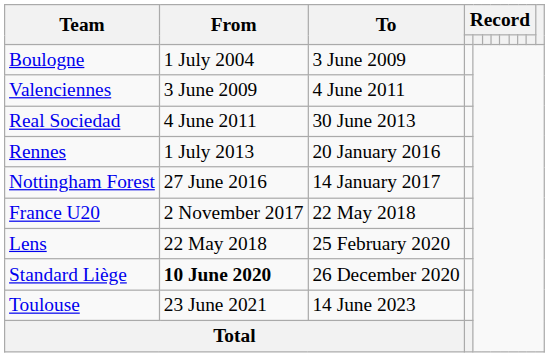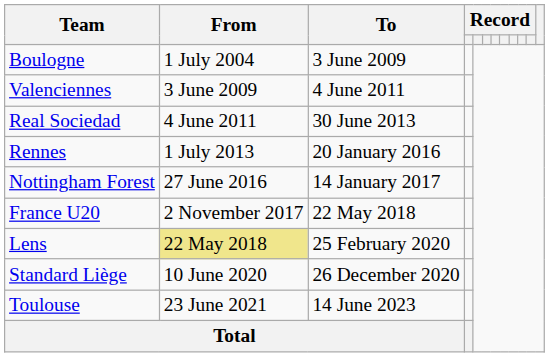 <table class=wikitable style="text-align: center">
 <tr>
 <th rowspan=2>Team</th>
 <th rowspan=2>From</th>
 <th rowspan=2>To</th>
 <th colspan=8>Record</th>
 <th rowspan=2></th>
 </tr>
 <tr>
 <th></th>
 <th></th>
 <th></th>
 <th></th>
 <th></th>
 <th></th>
 <th></th>
 <th></th>
 </tr>
 <tr>
 <td align=left><a href='#'>Boulogne</a></td>
 <td align=left>1 July 2004</td>
 <td align=left>3 June 2009<br></td>
 <td></td>
 </tr>
 <tr>
 <td align=left><a href='#'>Valenciennes</a></td>
 <td align=left>3 June 2009</td>
 <td align=left>4 June 2011<br></td>
 <td></td>
 </tr>
 <tr>
 <td align=left><a href='#'>Real Sociedad</a></td>
 <td align=left>4 June 2011</td>
 <td align=left>30 June 2013<br></td>
 <td></td>
 </tr>
 <tr>
 <td align=left><a href='#'>Rennes</a></td>
 <td align=left>1 July 2013</td>
 <td align=left>20 January 2016<br></td>
 <td></td>
 </tr>
 <tr>
 <td align=left><a href='#'>Nottingham Forest</a></td>
 <td align=left>27 June 2016</td>
 <td align=left>14 January 2017<br></td>
 <td></td>
 </tr>
 <tr>
 <td align=left><a href='#'>France U20</a></td>
 <td align=left>2 November 2017</td>
 <td align=left>22 May 2018<br></td>
 <td></td>
 </tr>
 <tr>
 <td align=left><a href='#'>Lens</a></td>
-<td align=left>22 May 2018</td>
+<td align=left style="background: khaki;">22 May 2018</td>
 <td align=left>25 February 2020<br></td>
 <td></td>
 </tr>
 <tr>
 <td align=left><a href='#'>Standard Liège</a></td>
-<td align=left><strong>10 June 2020</strong></td>
+<td align=left>10 June 2020</td>
 <td align=left>26 December 2020<br></td>
 <td></td>
 </tr>
 <tr>
 <td align=left><a href='#'>Toulouse</a></td>
 <td align=left>23 June 2021</td>
 <td align=left>14 June 2023<br></td>
 <td></td>
 </tr>
 <tr>
 <th colspan=3>Total<br></th>
 <th></th>
 </tr>
 </table>
